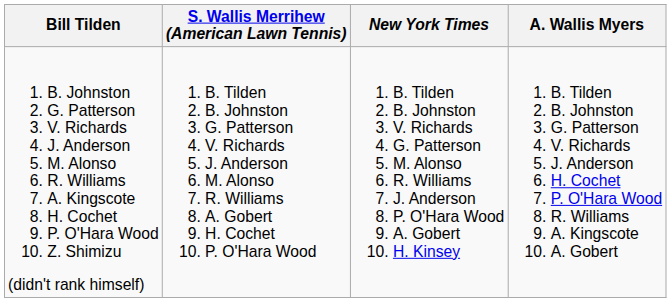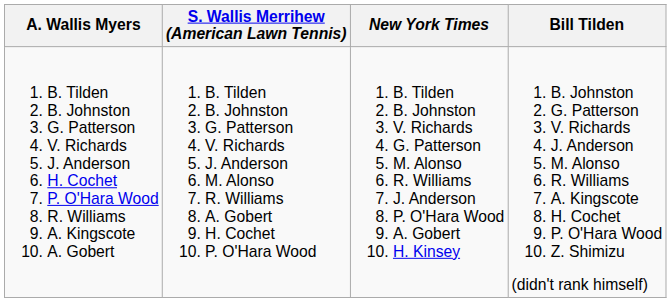 <table class="wikitable">
 <tr>
-<th>Bill Tilden</th>
+<th>A. Wallis Myers</th>
 <th><a href='#'>S. Wallis Merrihew</a><br><em>(American Lawn Tennis)</em></th>
 <th><em>New York Times</em></th>
-<th>A. Wallis Myers</th>
+<th>Bill Tilden</th>
 </tr>
 <tr style="vertical-align: top;">
-<td style="white-space: nowrap;"><br><ol><li> B. Johnston</li><li> G. Patterson</li><li> V. Richards</li><li> J. Anderson</li><li> M. Alonso</li><li> R. Williams</li><li> A. Kingscote</li><li> H. Cochet</li><li> P. O'Hara Wood</li><li> Z. Shimizu</li></ol>(didn't rank himself)</td>
+<td style="white-space: nowrap;"><br><ol><li> B. Tilden</li><li> B. Johnston</li><li> G. Patterson</li><li> V. Richards</li><li> J. Anderson</li><li> <a href='#'>H. Cochet</a></li><li> <a href='#'>P. O'Hara Wood</a></li><li> R. Williams</li><li> A. Kingscote</li><li> A. Gobert</li></ol></td>
 <td style="white-space: nowrap;"><br><ol><li> B. Tilden</li><li> B. Johnston</li><li> G. Patterson</li><li> V. Richards</li><li> J. Anderson</li><li> M. Alonso</li><li> R. Williams</li><li> A. Gobert</li><li> H. Cochet</li><li> P. O'Hara Wood</li></ol></td>
 <td style="white-space: nowrap;"><br><ol><li> B. Tilden</li><li> B. Johnston</li><li> V. Richards</li><li> G. Patterson</li><li> M. Alonso</li><li> R. Williams</li><li> J. Anderson</li><li> P. O'Hara Wood</li><li> A. Gobert</li><li> <a href='#'>H. Kinsey</a></li></ol></td>
-<td style="white-space: nowrap;"><br><ol><li> B. Tilden</li><li> B. Johnston</li><li> G. Patterson</li><li> V. Richards</li><li> J. Anderson</li><li> <a href='#'>H. Cochet</a></li><li> <a href='#'>P. O'Hara Wood</a></li><li> R. Williams</li><li> A. Kingscote</li><li> A. Gobert</li></ol></td>
+<td style="white-space: nowrap;"><br><ol><li> B. Johnston</li><li> G. Patterson</li><li> V. Richards</li><li> J. Anderson</li><li> M. Alonso</li><li> R. Williams</li><li> A. Kingscote</li><li> H. Cochet</li><li> P. O'Hara Wood</li><li> Z. Shimizu</li></ol>(didn't rank himself)</td>
 </tr>
 </table>
